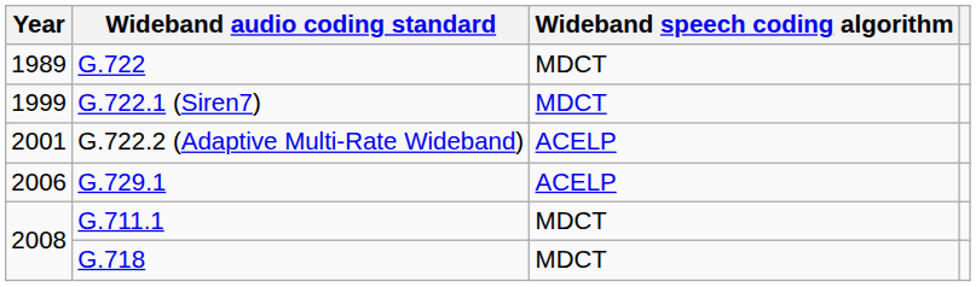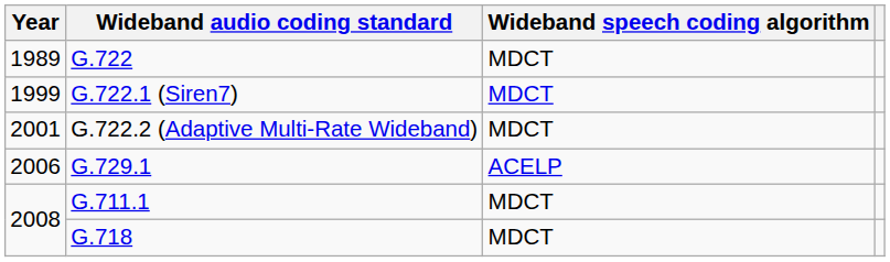 <table class="wikitable sortable!">
 <tr>
 <th>Year</th>
 <th>Wideband <a href='#'>audio coding standard</a></th>
 <th>Wideband <a href='#'>speech coding</a> algorithm</th>
 <th></th>
 </tr>
 <tr>
 <td>1989</td>
 <td><a href='#'>G.722</a></td>
 <td>MDCT</td>
 <td></td>
 </tr>
 <tr>
 <td>1999</td>
 <td><a href='#'>G.722.1</a> (<a href='#'>Siren7</a>)</td>
 <td><a href='#'>MDCT</a></td>
 <td></td>
 </tr>
 <tr>
 <td>2001</td>
 <td>G.722.2 (<a href='#'>Adaptive Multi-Rate Wideband</a>)</td>
-<td><a href='#'>ACELP</a></td>
+<td>MDCT</td>
 <td></td>
 </tr>
 <tr>
 <td>2006</td>
 <td><a href='#'>G.729.1</a></td>
 <td><a href='#'>ACELP</a></td>
 <td></td>
 </tr>
 <tr>
 <td rowspan="2">2008</td>
 <td><a href='#'>G.711.1</a></td>
 <td>MDCT</td>
 <td></td>
 </tr>
 <tr>
 <td><a href='#'>G.718</a></td>
 <td>MDCT</td>
 <td></td>
 </tr>
 </table>
